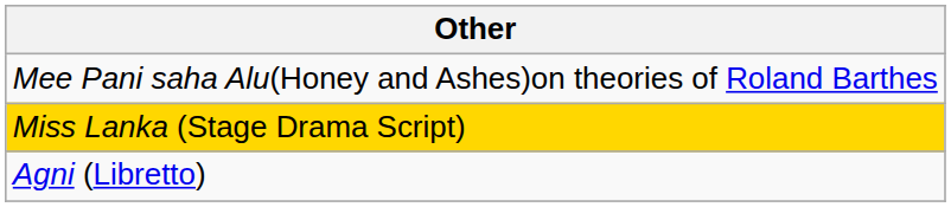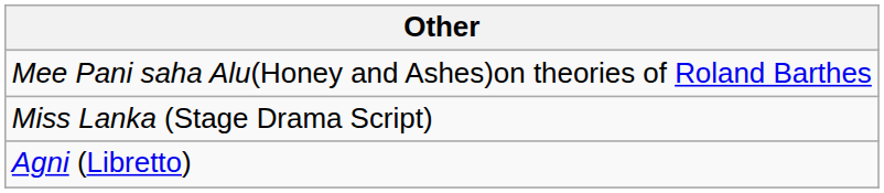 <table class="wikitable" border="1">
 <tr>
 <th>Other</th>
 </tr>
 <tr>
 <td><em>Mee Pani saha Alu</em>(Honey and Ashes)on theories of <a href='#'>Roland Barthes</a></td>
 </tr>
 <tr>
-<td style="background: gold;"><em>Miss Lanka</em> (Stage Drama Script)</td>
+<td><em>Miss Lanka</em> (Stage Drama Script)</td>
 </tr>
 <tr>
 <td><em><a href='#'>Agni</a></em> (<a href='#'>Libretto</a>)</td>
 </tr>
 </table>
